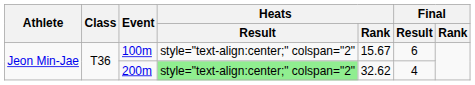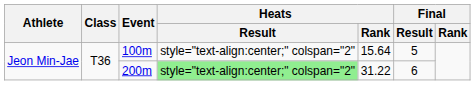 <table class=wikitable style="font-size:90%">
 <tr>
 <th rowspan="2">Athlete</th>
 <th rowspan="2">Class</th>
 <th rowspan="2">Event</th>
 <th colspan="2">Heats</th>
 <th colspan="3">Final</th>
 </tr>
 <tr>
 <th>Result</th>
 <th>Rank</th>
 <th>Result</th>
 <th>Rank</th>
 </tr>
 <tr>
 <td rowspan="2"><a href='#'>Jeon Min-Jae</a></td>
 <td rowspan="2" style="text-align:center;">T36</td>
 <td><a href='#'>100m</a></td>
 <td>style="text-align:center;" colspan="2" </td>
-<td style="text-align:center;">15.67</td>
-<td style="text-align:center;">6</td>
+<td style="text-align:center;">15.64</td>
+<td style="text-align:center;">5</td>
 </tr>
 <tr>
 <td><a href='#'>200m</a></td>
 <td style="background: lightgreen;">style="text-align:center;" colspan="2" </td>
-<td style="text-align:center;">32.62</td>
-<td style="text-align:center;">4</td>
+<td style="text-align:center;">31.22</td>
+<td style="text-align:center;">6</td>
 </tr>
 </table>
